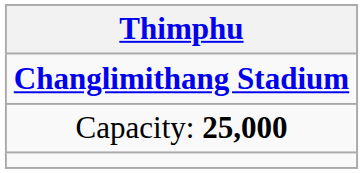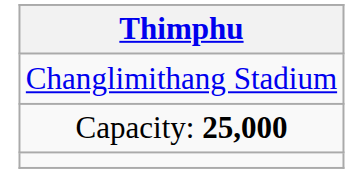 <table class="wikitable" style="text-align:center;margin:1em auto;">
 <tr>
 <th><a href='#'>Thimphu</a></th>
 </tr>
 <tr>
-<td><strong><a href='#'>Changlimithang Stadium</a></strong></td>
+<td><a href='#'>Changlimithang Stadium</a></td>
 </tr>
 <tr>
 <td>Capacity: <strong>25,000</strong></td>
 </tr>
 <tr>
 <td></td>
 </tr>
 </table>
